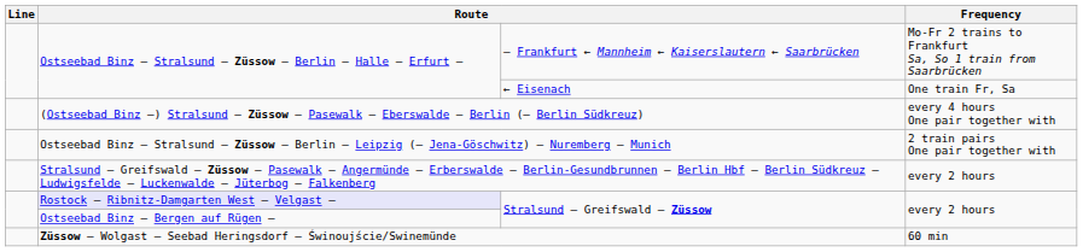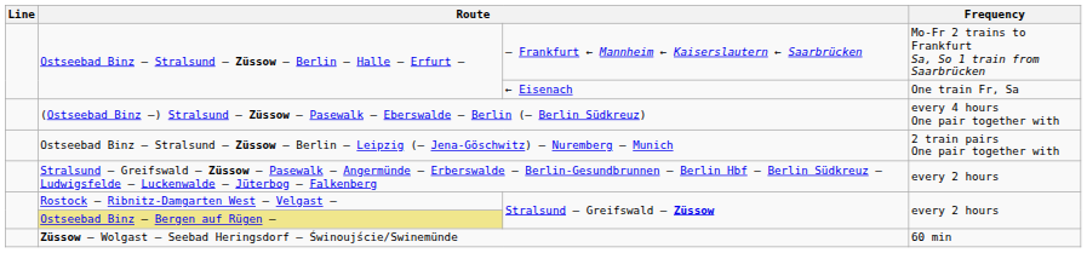 <table class="wikitable">
 <tr>
 <th>Line</th>
 <th colspan="2">Route</th>
 <th>Frequency</th>
 </tr>
 <tr>
 <td rowspan="2"></td>
 <td rowspan="2"><a href='#'>Ostseebad Binz</a> – <a href='#'>Stralsund</a> – <strong>Züssow</strong> – <a href='#'>Berlin</a> – <a href='#'>Halle</a> – <a href='#'>Erfurt</a> –</td>
 <td>– <a href='#'>Frankfurt</a> <em>← <a href='#'>Mannheim</a> ← <a href='#'>Kaiserslautern</a> ← <a href='#'>Saarbrücken</a></em></td>
 <td>Mo-Fr 2 trains to Frankfurt<br><em>Sa, So 1 train from Saarbrücken</em></td>
 </tr>
 <tr>
 <td>← <a href='#'>Eisenach</a></td>
 <td>One train Fr, Sa</td>
 </tr>
 <tr>
 <td></td>
 <td colspan="2">(<a href='#'>Ostseebad Binz</a> –) <a href='#'>Stralsund</a> – <strong>Züssow</strong> – <a href='#'>Pasewalk</a> – <a href='#'>Eberswalde</a> – <a href='#'>Berlin</a> (– <a href='#'>Berlin Südkreuz</a>)</td>
 <td>every 4 hours<br>One pair together with </td>
 </tr>
 <tr>
 <td style="text-align:center"></td>
 <td colspan="2">Ostseebad Binz – Stralsund – <strong>Züssow</strong> – Berlin – <a href='#'>Leipzig</a> (– <a href='#'>Jena-Göschwitz</a>) – <a href='#'>Nuremberg</a> – <a href='#'>Munich</a></td>
 <td>2 train pairs<br>One pair together with </td>
 </tr>
 <tr>
 <td style="text-align:center"></td>
 <td colspan="2"><a href='#'>Stralsund</a> – Greifswald – <strong>Züssow</strong> – <a href='#'>Pasewalk</a> – <a href='#'>Angermünde</a> – <a href='#'>Erberswalde</a> – <a href='#'>Berlin-Gesundbrunnen</a> – <a href='#'>Berlin Hbf</a> – <a href='#'>Berlin Südkreuz</a> – <a href='#'>Ludwigsfelde</a> – <a href='#'>Luckenwalde</a> – <a href='#'>Jüterbog</a> – <a href='#'>Falkenberg</a></td>
 <td>every 2 hours</td>
 </tr>
 <tr>
 <td rowspan="2"></td>
-<td style="background: lavender;"><a href='#'>Rostock</a> – <a href='#'>Ribnitz-Damgarten West</a> – <a href='#'>Velgast</a> –</td>
+<td><a href='#'>Rostock</a> – <a href='#'>Ribnitz-Damgarten West</a> – <a href='#'>Velgast</a> –</td>
 <td rowspan="2"><a href='#'>Stralsund</a> – Greifswald – <a href='#'><strong>Züssow</strong></a></td>
 <td rowspan="2">every 2 hours</td>
 </tr>
 <tr>
-<td><a href='#'>Ostseebad Binz</a> – <a href='#'>Bergen auf Rügen</a> –</td>
+<td style="background: khaki;"><a href='#'>Ostseebad Binz</a> – <a href='#'>Bergen auf Rügen</a> –</td>
 </tr>
 <tr>
 <td style="text-align:center"></td>
 <td colspan="2"><strong>Züssow</strong> – Wolgast – Seebad Heringsdorf – Świnoujście/Swinemünde</td>
 <td>60 min</td>
 </tr>
 </table>
